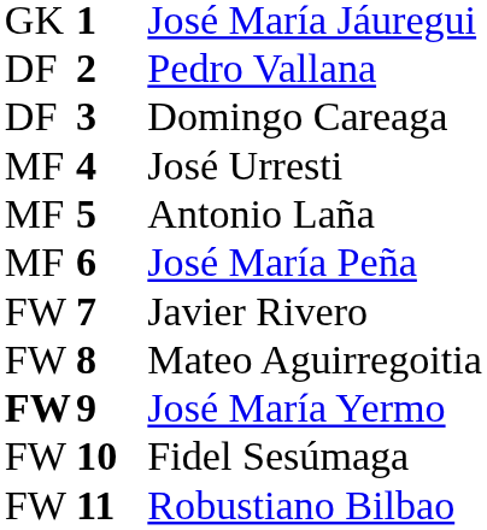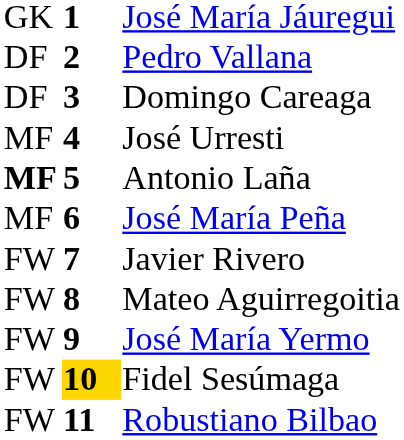 <table style="font-size: 90%" cellspacing="0" cellpadding="0" align=center>
 <tr>
 <th width=25></th>
 <th width=25></th>
 </tr>
 <tr>
 <td>GK</td>
 <td><strong>1</strong></td>
 <td> <a href='#'>José María Jáuregui</a></td>
 </tr>
 <tr>
 <td>DF</td>
 <td><strong>2</strong></td>
 <td> <a href='#'>Pedro Vallana</a></td>
 </tr>
 <tr>
 <td>DF</td>
 <td><strong>3</strong></td>
 <td> Domingo Careaga</td>
 </tr>
 <tr>
 <td>MF</td>
 <td><strong>4</strong></td>
 <td> José Urresti</td>
 </tr>
 <tr>
-<td>MF</td>
+<td><strong>MF</strong></td>
 <td><strong>5</strong></td>
 <td> Antonio Laña</td>
 </tr>
 <tr>
 <td>MF</td>
 <td><strong>6</strong></td>
 <td> <a href='#'>José María Peña</a></td>
 </tr>
 <tr>
 <td>FW</td>
 <td><strong>7</strong></td>
 <td> Javier Rivero</td>
 </tr>
 <tr>
 <td>FW</td>
 <td><strong>8</strong></td>
 <td> Mateo Aguirregoitia</td>
 </tr>
 <tr>
-<td><strong>FW</strong></td>
+<td>FW</td>
 <td><strong>9</strong></td>
 <td> <a href='#'>José María Yermo</a></td>
 </tr>
 <tr>
 <td>FW</td>
-<td><strong>10</strong></td>
+<td style="background: gold;"><strong>10</strong></td>
 <td> Fidel Sesúmaga</td>
 </tr>
 <tr>
 <td>FW</td>
 <td><strong>11</strong></td>
 <td> <a href='#'>Robustiano Bilbao</a></td>
 </tr>
 </table>
